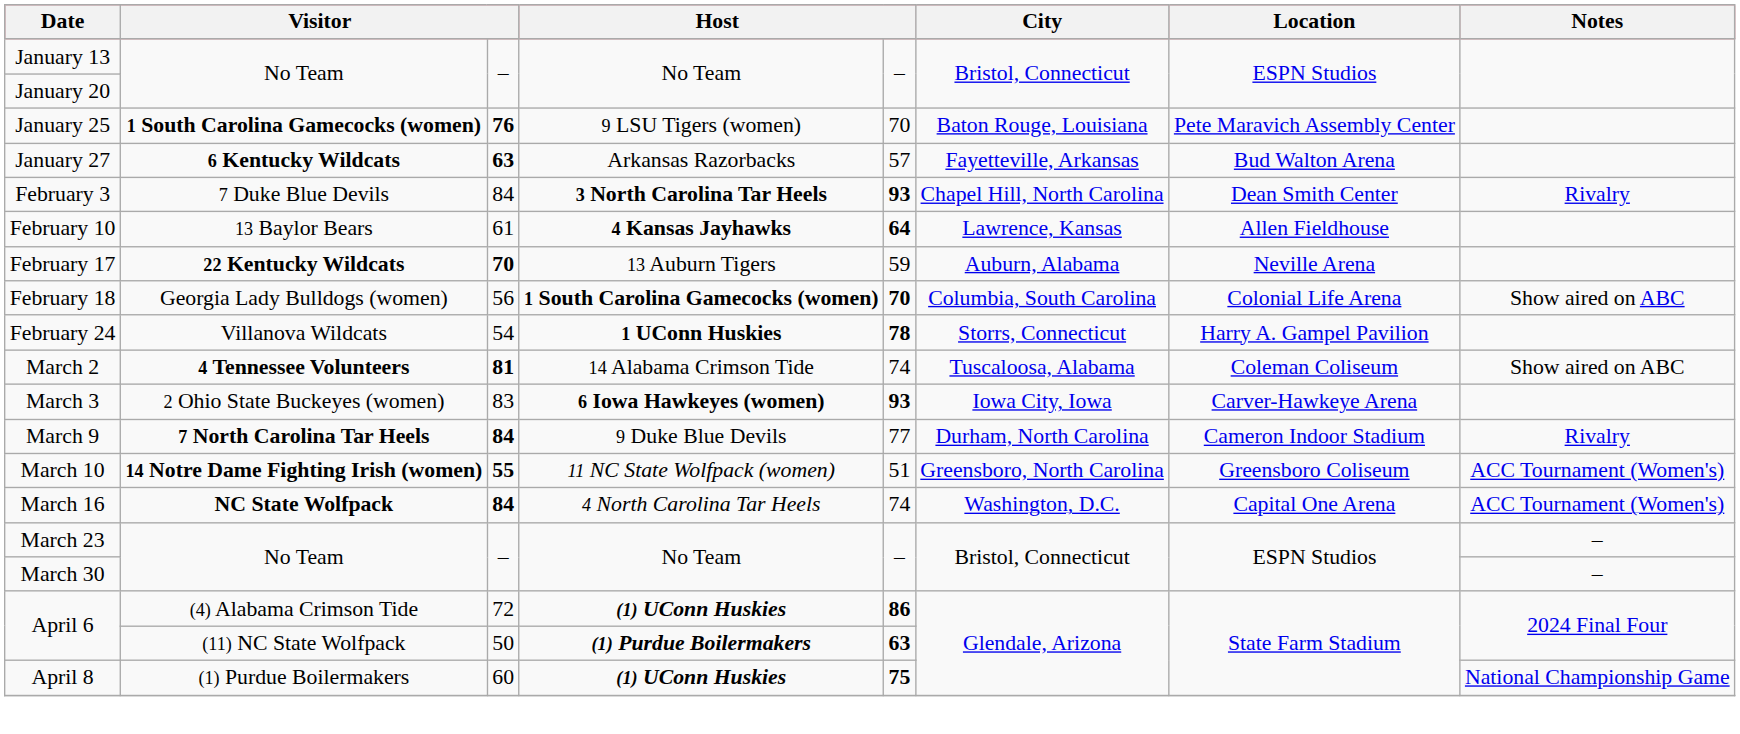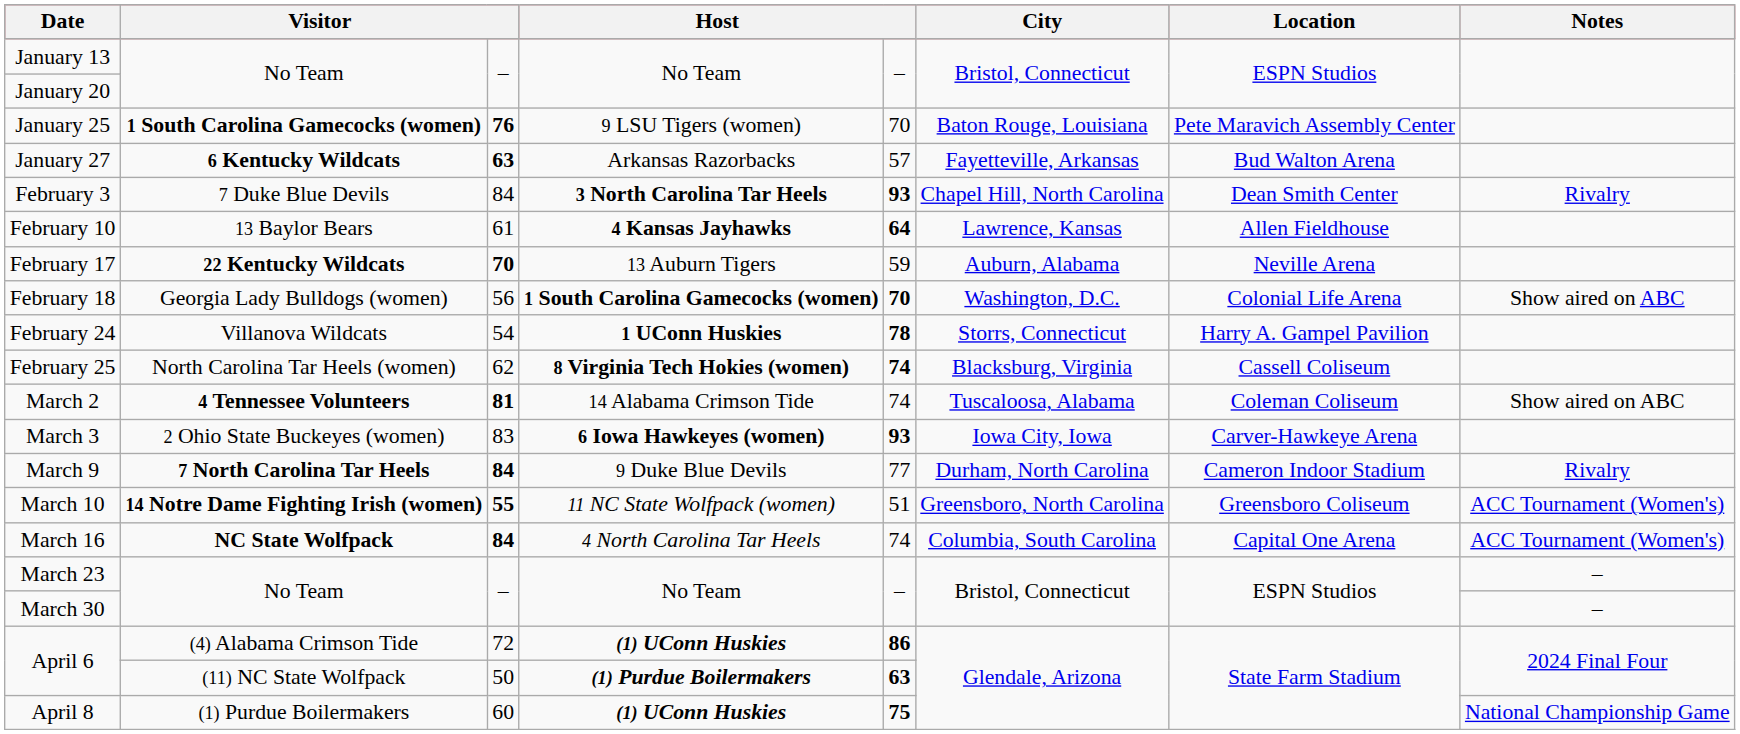 <table class="wikitable" style="text-align:center">
 <tr style="background:#A32638;"|>
 <th>Date</th>
 <th colspan=2>Visitor</th>
 <th colspan=2>Host</th>
 <th>City</th>
 <th>Location</th>
 <th>Notes</th>
 </tr>
 <tr>
 <td>January 13</td>
 <td rowspan="2">No Team</td>
 <td rowspan="2">–</td>
 <td rowspan="2">No Team</td>
 <td rowspan="2">–</td>
 <td rowspan="2"><a href='#'>Bristol, Connecticut</a></td>
 <td rowspan="2"><a href='#'>ESPN Studios</a></td>
 <td rowspan="2"></td>
 </tr>
 <tr>
 <td>January 20</td>
 </tr>
 <tr>
 <td>January 25</td>
 <td><strong><small>1</small> South Carolina Gamecocks (women)</strong></td>
 <td><strong>76</strong></td>
 <td><small>9</small> LSU Tigers (women)</td>
 <td>70</td>
 <td><a href='#'>Baton Rouge, Louisiana</a></td>
 <td><a href='#'>Pete Maravich Assembly Center</a></td>
 <td></td>
 </tr>
 <tr>
 <td>January 27</td>
 <td><strong><small>6</small> Kentucky Wildcats</strong></td>
 <td><strong>63</strong></td>
 <td>Arkansas Razorbacks</td>
 <td>57</td>
 <td><a href='#'>Fayetteville, Arkansas</a></td>
 <td><a href='#'>Bud Walton Arena</a></td>
 <td></td>
 </tr>
 <tr>
 <td>February 3</td>
 <td><small>7</small> Duke Blue Devils</td>
 <td>84</td>
 <td><strong><small>3</small> North Carolina Tar Heels</strong></td>
 <td><strong>93</strong></td>
 <td><a href='#'>Chapel Hill, North Carolina</a></td>
 <td><a href='#'>Dean Smith Center</a></td>
 <td><a href='#'>Rivalry</a></td>
 </tr>
 <tr>
 <td>February 10</td>
 <td><small>13</small> Baylor Bears</td>
 <td>61</td>
 <td><strong><small>4</small> Kansas Jayhawks</strong></td>
 <td><strong>64</strong></td>
 <td><a href='#'>Lawrence, Kansas</a></td>
 <td><a href='#'>Allen Fieldhouse</a></td>
 <td></td>
 </tr>
 <tr>
 <td>February 17</td>
 <td><strong><small>22</small> Kentucky Wildcats</strong></td>
 <td><strong>70</strong></td>
 <td><small>13</small> Auburn Tigers</td>
 <td>59</td>
 <td><a href='#'>Auburn, Alabama</a></td>
 <td><a href='#'>Neville Arena</a></td>
 <td></td>
 </tr>
 <tr>
 <td>February 18</td>
 <td>Georgia Lady Bulldogs (women)</td>
 <td>56</td>
 <td><strong><small>1</small> South Carolina Gamecocks (women)</strong></td>
 <td><strong>70</strong></td>
-<td><a href='#'>Columbia, South Carolina</a></td>
+<td><a href='#'>Washington, D.C.</a></td>
 <td><a href='#'>Colonial Life Arena</a></td>
 <td>Show aired on <a href='#'>ABC</a></td>
 </tr>
 <tr>
 <td>February 24</td>
 <td>Villanova Wildcats</td>
 <td>54</td>
 <td><strong><small>1</small> UConn Huskies</strong></td>
 <td><strong>78</strong></td>
 <td><a href='#'>Storrs, Connecticut</a></td>
 <td><a href='#'>Harry A. Gampel Pavilion</a></td>
+<td></td>
+</tr>
+<tr>
+<td>February 25</td>
+<td>North Carolina Tar Heels (women)</td>
+<td>62</td>
+<td><strong><small>8</small> Virginia Tech Hokies (women)</strong></td>
+<td><strong>74</strong></td>
+<td><a href='#'>Blacksburg, Virginia</a></td>
+<td><a href='#'>Cassell Coliseum</a></td>
 <td></td>
 </tr>
 <tr>
 <td>March 2</td>
 <td><strong><small>4</small> Tennessee Volunteers</strong></td>
 <td><strong>81</strong></td>
 <td><small>14</small> Alabama Crimson Tide</td>
 <td>74</td>
 <td><a href='#'>Tuscaloosa, Alabama</a></td>
 <td><a href='#'>Coleman Coliseum</a></td>
 <td>Show aired on ABC</td>
 </tr>
 <tr>
 <td>March 3</td>
 <td><small>2</small> Ohio State Buckeyes (women)</td>
 <td>83</td>
 <td><strong><small>6</small> Iowa Hawkeyes (women) </strong></td>
 <td><strong>93</strong></td>
 <td><a href='#'>Iowa City, Iowa</a></td>
 <td><a href='#'>Carver-Hawkeye Arena</a></td>
 <td></td>
 </tr>
 <tr>
 <td>March 9</td>
 <td><strong><small>7</small> North Carolina Tar Heels</strong></td>
 <td><strong>84</strong></td>
 <td><small>9</small> Duke Blue Devils</td>
 <td>77</td>
 <td><a href='#'>Durham, North Carolina</a></td>
 <td><a href='#'>Cameron Indoor Stadium</a></td>
 <td><a href='#'>Rivalry</a></td>
 </tr>
 <tr>
 <td>March 10</td>
 <td><strong><small>14</small> Notre Dame Fighting Irish (women)</strong></td>
 <td><strong>55</strong></td>
 <td><em><small>11</small> NC State Wolfpack (women)</em></td>
 <td>51</td>
 <td><a href='#'>Greensboro, North Carolina</a></td>
 <td><a href='#'>Greensboro Coliseum</a></td>
 <td><a href='#'>ACC Tournament (Women's)</a></td>
 </tr>
 <tr>
 <td>March 16</td>
 <td><strong>NC State Wolfpack</strong></td>
 <td><strong>84</strong></td>
 <td><em><small>4</small> North Carolina Tar Heels</em></td>
 <td>74</td>
-<td><a href='#'>Washington, D.C.</a></td>
+<td><a href='#'>Columbia, South Carolina</a></td>
 <td><a href='#'>Capital One Arena</a></td>
 <td><a href='#'>ACC Tournament (Women's)</a></td>
 </tr>
 <tr>
 <td>March 23</td>
 <td rowspan="2">No Team</td>
 <td rowspan="2">–</td>
 <td rowspan="2">No Team</td>
 <td rowspan="2">–</td>
 <td rowspan="2">Bristol, Connecticut</td>
 <td rowspan="2">ESPN Studios</td>
 <td>–</td>
 </tr>
 <tr>
 <td>March 30</td>
 <td>–</td>
 </tr>
 <tr>
 <td rowspan="2">April 6</td>
 <td><small>(4)</small> Alabama Crimson Tide</td>
 <td>72</td>
 <td><strong><em><small>(1)</small> UConn Huskies</em></strong></td>
 <td><strong>86</strong></td>
 <td rowspan="3"><a href='#'>Glendale, Arizona</a></td>
 <td rowspan="3"><a href='#'>State Farm Stadium</a></td>
 <td rowspan="2"><a href='#'>2024 Final Four</a></td>
 </tr>
 <tr>
 <td><small>(11)</small> NC State Wolfpack</td>
 <td>50</td>
 <td><strong><em><small>(1)</small> Purdue Boilermakers</em></strong></td>
 <td><strong>63</strong></td>
 </tr>
 <tr>
 <td>April 8</td>
 <td><small>(1)</small> Purdue Boilermakers</td>
 <td>60</td>
 <td><strong><em><small>(1)</small> UConn Huskies</em></strong></td>
 <td><strong>75</strong></td>
 <td><a href='#'>National Championship Game</a></td>
 </tr>
 <tr>
 </tr>
 </table>
